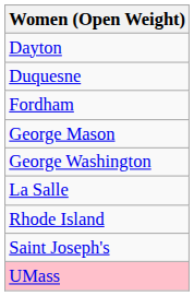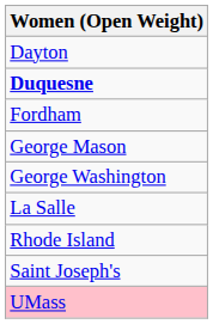 <table class="wikitable">
 <tr>
 <th>Women (Open Weight)</th>
 </tr>
 <tr>
 <td><a href='#'>Dayton</a></td>
 </tr>
 <tr>
-<td><a href='#'>Duquesne</a></td>
+<td><strong><a href='#'>Duquesne</a></strong></td>
 </tr>
 <tr>
 <td><a href='#'>Fordham</a></td>
 </tr>
 <tr>
 <td><a href='#'>George Mason</a></td>
 </tr>
 <tr>
 <td><a href='#'>George Washington</a></td>
 </tr>
 <tr>
 <td><a href='#'>La Salle</a></td>
 </tr>
 <tr>
 <td><a href='#'>Rhode Island</a></td>
 </tr>
 <tr>
 <td><a href='#'>Saint Joseph's</a></td>
 </tr>
 <tr bgcolor=pink>
 <td><a href='#'>UMass</a></td>
 </tr>
 </table>
